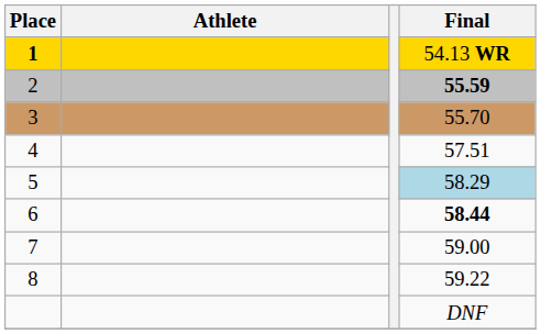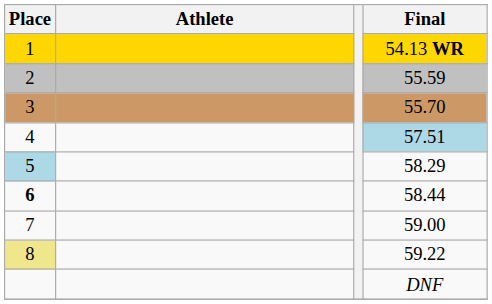 <table class="wikitable" style="text-align:center">
 <tr>
 <th>Place</th>
 <th width=250>Athlete</th>
 <th rowspan=10></th>
 <th width=100>Final</th>
 </tr>
 <tr bgcolor=gold>
-<td><strong>1</strong></td>
+<td>1</td>
 <td align=left></td>
 <td>54.13 <strong>WR</strong></td>
 </tr>
 <tr bgcolor=silver>
 <td>2</td>
 <td align=left></td>
-<td><strong>55.59</strong></td>
+<td>55.59</td>
 </tr>
 <tr bgcolor=cc9966>
 <td>3</td>
 <td align=left></td>
 <td>55.70</td>
 </tr>
 <tr>
 <td>4</td>
 <td align=left></td>
-<td>57.51</td>
+<td style="background: lightblue;">57.51</td>
 </tr>
 <tr>
-<td>5</td>
+<td style="background: lightblue;">5</td>
 <td align=left></td>
-<td style="background: lightblue;">58.29</td>
+<td>58.29</td>
 </tr>
 <tr>
-<td>6</td>
+<td><strong>6</strong></td>
 <td align=left></td>
-<td><strong>58.44</strong></td>
+<td>58.44</td>
 </tr>
 <tr>
 <td>7</td>
 <td align=left></td>
 <td>59.00</td>
 </tr>
 <tr>
-<td>8</td>
+<td style="background: khaki;">8</td>
 <td align=left></td>
 <td>59.22</td>
 </tr>
 <tr>
 <td></td>
 <td align=left></td>
 <td><em>DNF</em></td>
 </tr>
 <tr>
 </tr>
 </table>
